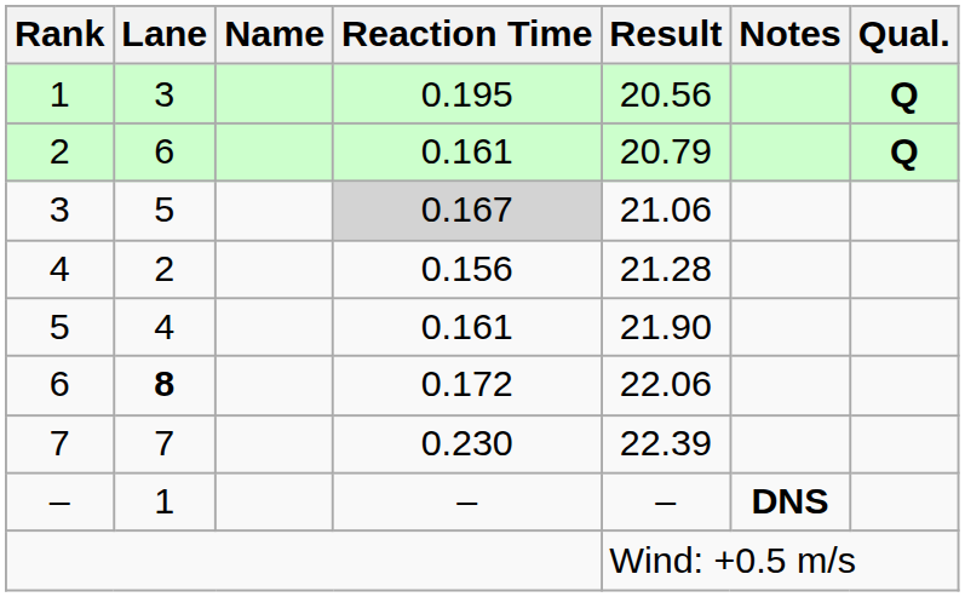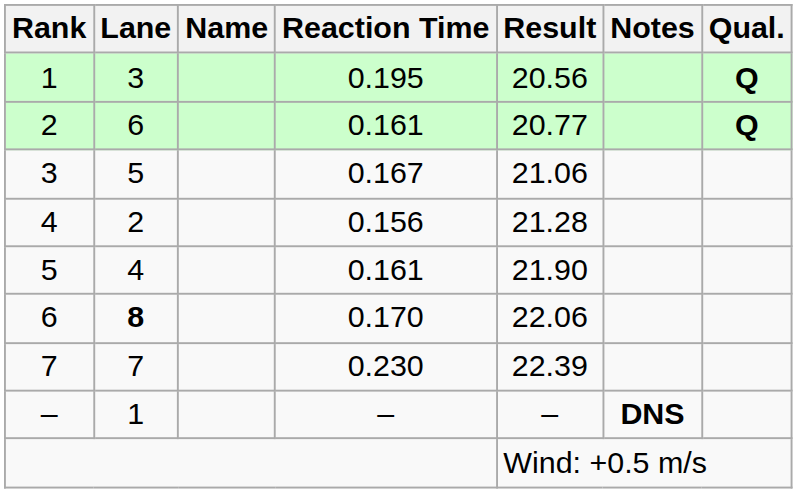 <table class="wikitable" style="text-align:center">
 <tr>
 <th>Rank</th>
 <th>Lane</th>
 <th>Name</th>
 <th>Reaction Time</th>
 <th>Result</th>
 <th>Notes</th>
 <th>Qual.</th>
 </tr>
 <tr bgcolor=ccffcc>
 <td>1</td>
 <td>3</td>
 <td align="left"></td>
 <td>0.195</td>
 <td>20.56</td>
 <td></td>
 <td><strong>Q</strong></td>
 </tr>
 <tr bgcolor=ccffcc>
 <td>2</td>
 <td>6</td>
 <td align="left"></td>
 <td>0.161</td>
-<td>20.79</td>
+<td>20.77</td>
 <td></td>
 <td><strong>Q</strong></td>
 </tr>
 <tr>
 <td>3</td>
 <td>5</td>
 <td align="left"></td>
-<td style="background: lightgrey;">0.167</td>
+<td>0.167</td>
 <td>21.06</td>
 <td></td>
 <td></td>
 </tr>
 <tr>
 <td>4</td>
 <td>2</td>
 <td align="left"></td>
 <td>0.156</td>
 <td>21.28</td>
 <td></td>
 <td></td>
 </tr>
 <tr>
 <td>5</td>
 <td>4</td>
 <td align="left"></td>
 <td>0.161</td>
 <td>21.90</td>
 <td></td>
 <td></td>
 </tr>
 <tr>
 <td>6</td>
 <td><strong>8</strong></td>
 <td align="left"></td>
-<td>0.172</td>
+<td>0.170</td>
 <td>22.06</td>
 <td></td>
 <td></td>
 </tr>
 <tr>
 <td>7</td>
 <td>7</td>
 <td align="left"></td>
 <td>0.230</td>
 <td>22.39</td>
 <td></td>
 <td></td>
 </tr>
 <tr>
 <td>–</td>
 <td>1</td>
 <td align="left"></td>
 <td>–</td>
 <td>–</td>
 <td><strong>DNS</strong></td>
 <td></td>
 </tr>
 <tr class="sortbottom">
 <td colspan=4></td>
 <td colspan="3" style="text-align:left;">Wind: +0.5 m/s</td>
 </tr>
 </table>
